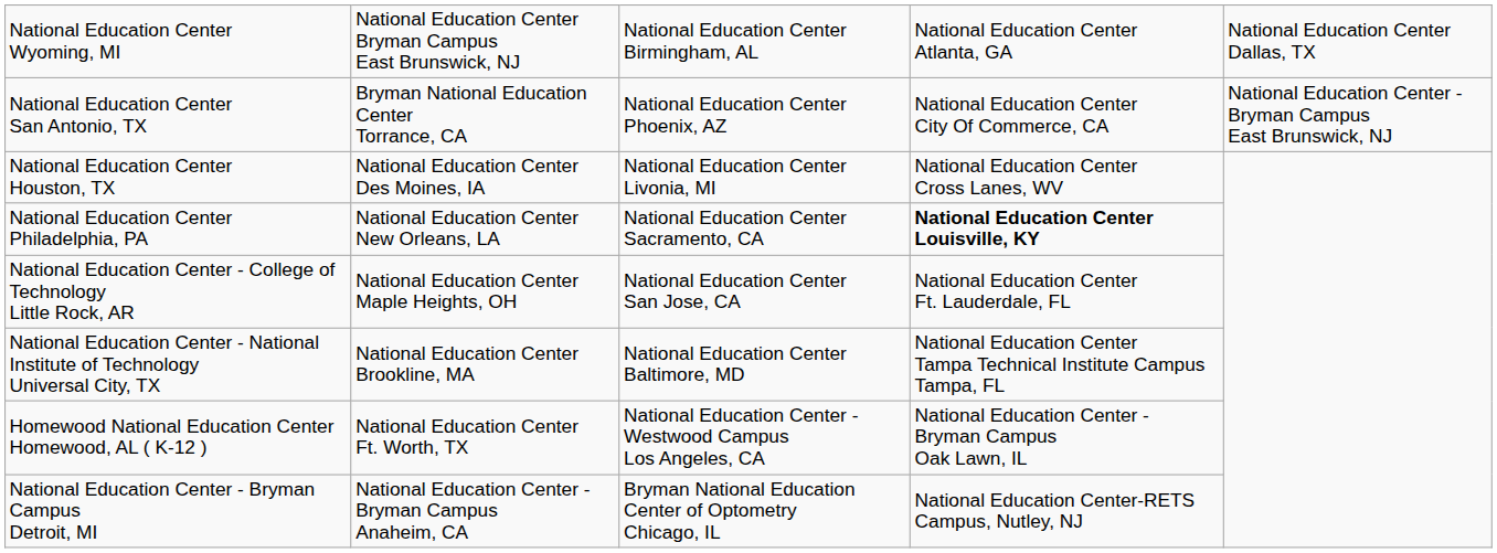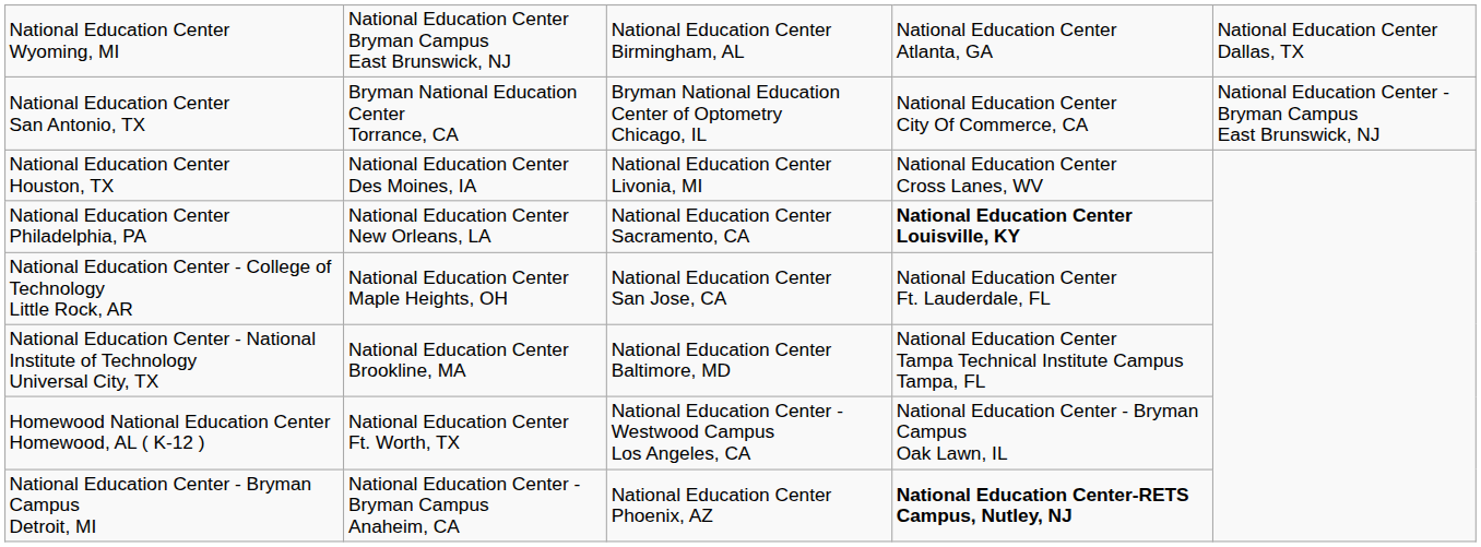 <table class="wikitable">
 <tr>
 <td>National Education Center<br>Wyoming, MI</td>
 <td>National Education Center Bryman Campus<br>East Brunswick, NJ</td>
 <td>National Education Center<br>Birmingham, AL</td>
 <td>National Education Center<br>Atlanta, GA</td>
 <td>National Education Center<br>Dallas, TX</td>
 </tr>
 <tr>
 <td>National Education Center<br>San Antonio, TX</td>
 <td>Bryman National Education Center<br>Torrance, CA</td>
-<td>National Education Center<br>Phoenix, AZ</td>
+<td>Bryman National Education Center of Optometry<br>Chicago, IL</td>
 <td>National Education Center<br>City Of Commerce, CA</td>
 <td>National Education Center  - Bryman Campus<br>East Brunswick, NJ</td>
 </tr>
 <tr>
 <td>National Education Center<br>Houston, TX</td>
 <td>National Education Center<br>Des Moines, IA</td>
 <td>National Education Center<br>Livonia, MI</td>
 <td>National Education Center<br>Cross Lanes, WV</td>
 </tr>
 <tr>
 <td>National Education Center<br>Philadelphia, PA</td>
 <td>National Education Center<br>New Orleans, LA</td>
 <td>National Education Center<br>Sacramento, CA</td>
 <td><strong>National Education Center<br>Louisville, KY</strong></td>
 </tr>
 <tr>
 <td>National Education Center - College of Technology<br>Little Rock, AR</td>
 <td>National Education Center<br>Maple Heights, OH</td>
 <td>National Education Center<br>San Jose, CA</td>
 <td>National Education Center<br>Ft. Lauderdale, FL</td>
 </tr>
 <tr>
 <td>National Education Center - National Institute of Technology<br>Universal City, TX</td>
 <td>National Education Center<br>Brookline, MA</td>
 <td>National Education Center<br>Baltimore, MD</td>
 <td>National Education Center<br>Tampa Technical Institute Campus Tampa, FL</td>
 </tr>
 <tr>
 <td>Homewood National Education Center<br>Homewood, AL ( K-12 )</td>
 <td>National Education Center<br>Ft. Worth, TX</td>
 <td>National Education Center - Westwood Campus<br>Los Angeles, CA</td>
 <td>National Education Center - Bryman Campus<br>Oak Lawn, IL</td>
 </tr>
 <tr>
 <td>National Education Center - Bryman Campus<br>Detroit, MI</td>
 <td>National Education Center - Bryman Campus<br>Anaheim, CA</td>
-<td>Bryman National Education Center of Optometry<br>Chicago, IL</td>
-<td>National Education Center-RETS Campus, Nutley, NJ</td>
+<td>National Education Center<br>Phoenix, AZ</td>
+<td><strong>National Education Center-RETS Campus, Nutley, NJ</strong></td>
 </tr>
 </table>
